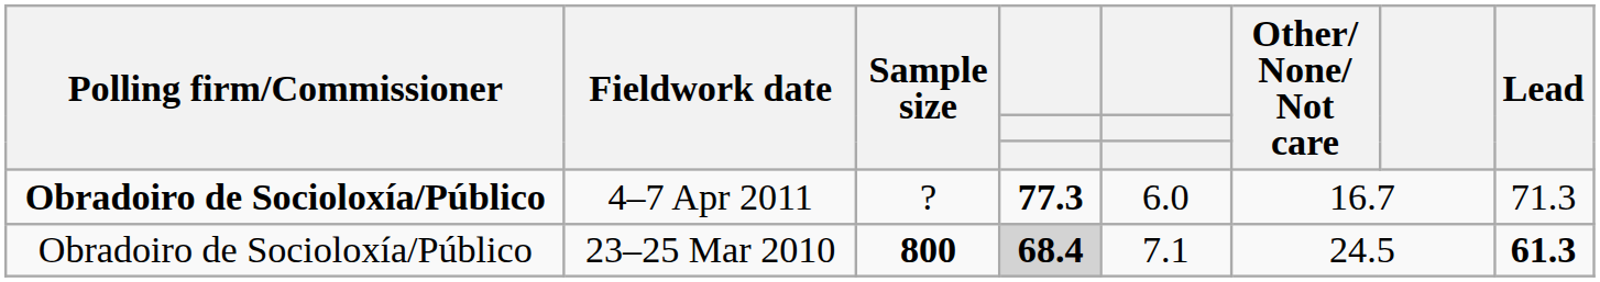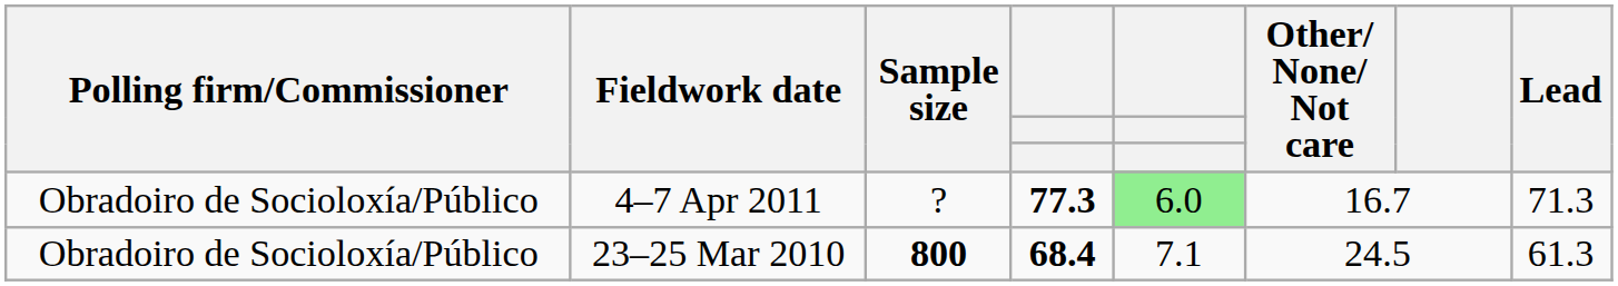 <table class="wikitable collapsible collapsed" style="text-align:center; font-size:90%; line-height:14px;">
 <tr style="height:42px;">
 <th style="width:250px;" rowspan="3">Polling firm/Commissioner</th>
 <th style="width:125px;" rowspan="3">Fieldwork date</th>
 <th style="width:50px;" rowspan="3">Sample size</th>
 <th style="width:35px;"></th>
 <th style="width:55px;"></th>
 <th style="width:55px;" rowspan="3">Other/<br>None/<br>Not<br>care</th>
 <th style="width:55px;" rowspan="3"></th>
 <th style="width:30px;" rowspan="3">Lead</th>
 </tr>
 <tr>
 <th style="color:inherit;background:"></th>
 <th style="color:inherit;background:"></th>
 </tr>
 <tr>
 <th></th>
 <th></th>
 </tr>
 <tr>
-<td><strong>Obradoiro de Socioloxía/Público</strong></td>
+<td>Obradoiro de Socioloxía/Público</td>
 <td>4–7 Apr 2011</td>
 <td>?</td>
 <td><strong>77.3</strong></td>
-<td>6.0</td>
+<td style="background: lightgreen;">6.0</td>
 <td colspan="2">16.7</td>
 <td style="background:">71.3</td>
 </tr>
 <tr>
 <td>Obradoiro de Socioloxía/Público</td>
 <td>23–25 Mar 2010</td>
 <td><strong>800</strong></td>
-<td style="background: lightgrey;"><strong>68.4</strong></td>
+<td><strong>68.4</strong></td>
 <td>7.1</td>
 <td colspan="2">24.5</td>
-<td style="background:"><strong>61.3</strong></td>
+<td style="background:">61.3</td>
 </tr>
 </table>
